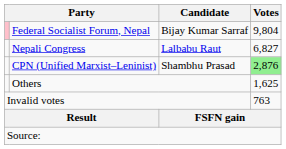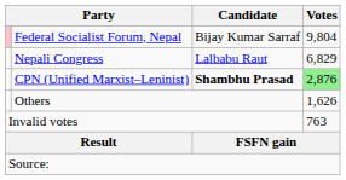 <table class="wikitable">
 <tr>
 <th colspan="2">Party</th>
 <th>Candidate</th>
 <th>Votes</th>
 </tr>
 <tr>
 <td style="background-color:pink"></td>
 <td><a href='#'>Federal Socialist Forum, Nepal</a></td>
 <td>Bijay Kumar Sarraf</td>
 <td>9,804</td>
 </tr>
 <tr>
 <td style="background-color:"></td>
 <td><a href='#'>Nepali Congress</a></td>
 <td><a href='#'>Lalbabu Raut</a></td>
-<td>6,827</td>
+<td>6,829</td>
 </tr>
 <tr>
 <td style="background-color:"></td>
 <td><a href='#'>CPN (Unified Marxist–Leninist)</a></td>
-<td>Shambhu Prasad</td>
+<td><strong>Shambhu Prasad</strong></td>
 <td style="background: lightgreen;">2,876</td>
 </tr>
 <tr>
 <td></td>
 <td colspan="2">Others</td>
-<td>1,625</td>
+<td>1,626</td>
 </tr>
 <tr>
 <td colspan="3">Invalid votes</td>
 <td>763</td>
 </tr>
 <tr>
 <th colspan="2">Result</th>
 <th colspan="2">FSFN gain</th>
 </tr>
 <tr>
 <td colspan="4">Source: </td>
 </tr>
 </table>
